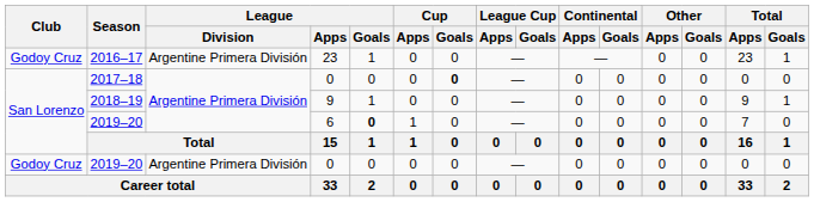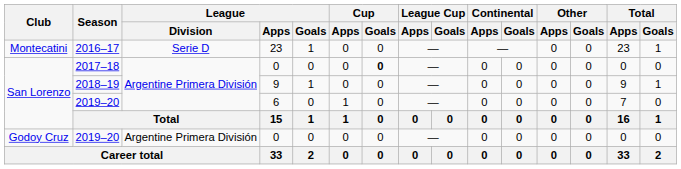 <table class="wikitable" style="text-align:center">
 <tr>
 <th rowspan="2">Club</th>
 <th rowspan="2">Season</th>
 <th colspan="3">League</th>
 <th colspan="2">Cup</th>
 <th colspan="2">League Cup</th>
 <th colspan="2">Continental</th>
 <th colspan="2">Other</th>
 <th colspan="2">Total</th>
 </tr>
 <tr>
 <th>Division</th>
 <th>Apps</th>
 <th>Goals</th>
 <th>Apps</th>
 <th>Goals</th>
 <th>Apps</th>
 <th>Goals</th>
 <th>Apps</th>
 <th>Goals</th>
 <th>Apps</th>
 <th>Goals</th>
 <th>Apps</th>
 <th>Goals</th>
 </tr>
 <tr>
-<td><a href='#'>Godoy Cruz</a></td>
+<td><a href='#'>Montecatini</a></td>
 <td><a href='#'>2016–17</a></td>
-<td>Argentine Primera División</td>
+<td><a href='#'>Serie D</a></td>
 <td>23</td>
 <td>1</td>
 <td>0</td>
 <td>0</td>
 <td colspan="2">—</td>
 <td colspan="2">—</td>
 <td>0</td>
 <td>0</td>
 <td>23</td>
 <td>1</td>
 </tr>
 <tr>
 <td rowspan="4"><a href='#'>San Lorenzo</a></td>
 <td><a href='#'>2017–18</a></td>
 <td rowspan="3"><a href='#'>Argentine Primera División</a></td>
 <td>0</td>
 <td>0</td>
 <td>0</td>
 <td><strong>0</strong></td>
 <td colspan="2">—</td>
 <td>0</td>
 <td>0</td>
 <td>0</td>
 <td>0</td>
 <td>0</td>
 <td>0</td>
 </tr>
 <tr>
 <td><a href='#'>2018–19</a></td>
 <td>9</td>
 <td>1</td>
 <td>0</td>
 <td>0</td>
 <td colspan="2">—</td>
 <td>0</td>
 <td>0</td>
 <td>0</td>
 <td>0</td>
 <td>9</td>
 <td>1</td>
 </tr>
 <tr>
 <td><a href='#'>2019–20</a></td>
 <td>6</td>
-<td><strong>0</strong></td>
+<td>0</td>
 <td>1</td>
 <td>0</td>
 <td colspan="2">—</td>
 <td>0</td>
 <td>0</td>
 <td>0</td>
 <td>0</td>
 <td>7</td>
 <td>0</td>
 </tr>
 <tr>
 <th colspan="2">Total</th>
 <th>15</th>
 <th>1</th>
 <th>1</th>
 <th>0</th>
 <th>0</th>
 <th>0</th>
 <th>0</th>
 <th>0</th>
 <th>0</th>
 <th>0</th>
 <th>16</th>
 <th>1</th>
 </tr>
 <tr>
 <td><a href='#'>Godoy Cruz</a></td>
 <td><a href='#'>2019–20</a></td>
 <td>Argentine Primera División</td>
 <td>0</td>
 <td>0</td>
 <td>0</td>
 <td>0</td>
 <td colspan="2">—</td>
 <td>0</td>
 <td>0</td>
 <td>0</td>
 <td>0</td>
 <td>0</td>
 <td>0</td>
 </tr>
 <tr>
 <th colspan="3">Career total</th>
 <th>33</th>
 <th>2</th>
 <th>0</th>
 <th>0</th>
 <th>0</th>
 <th>0</th>
 <th>0</th>
 <th>0</th>
 <th>0</th>
 <th>0</th>
 <th>33</th>
 <th>2</th>
 </tr>
 </table>
